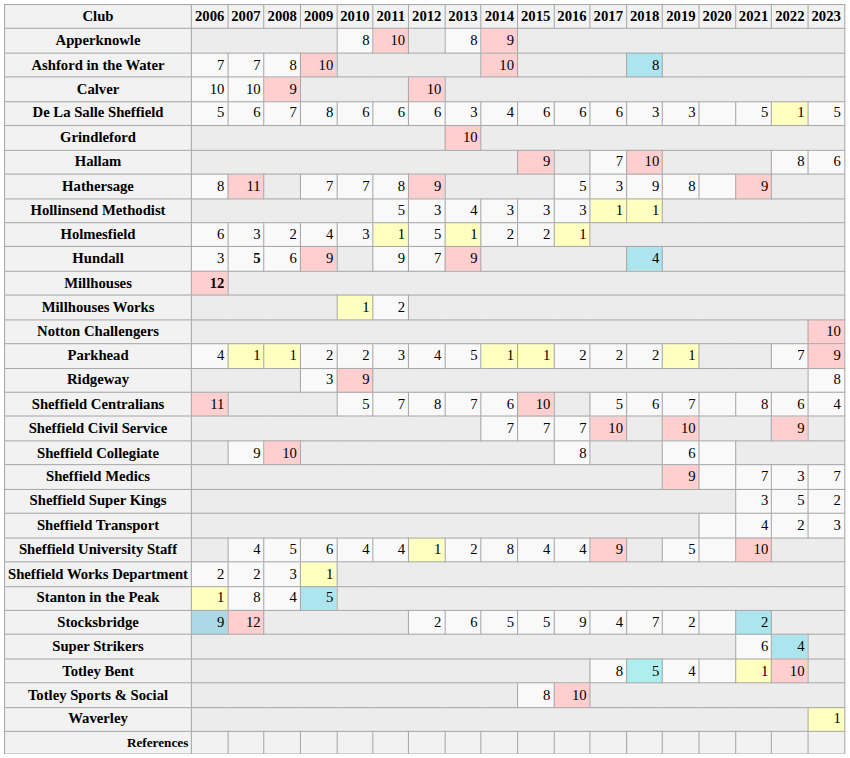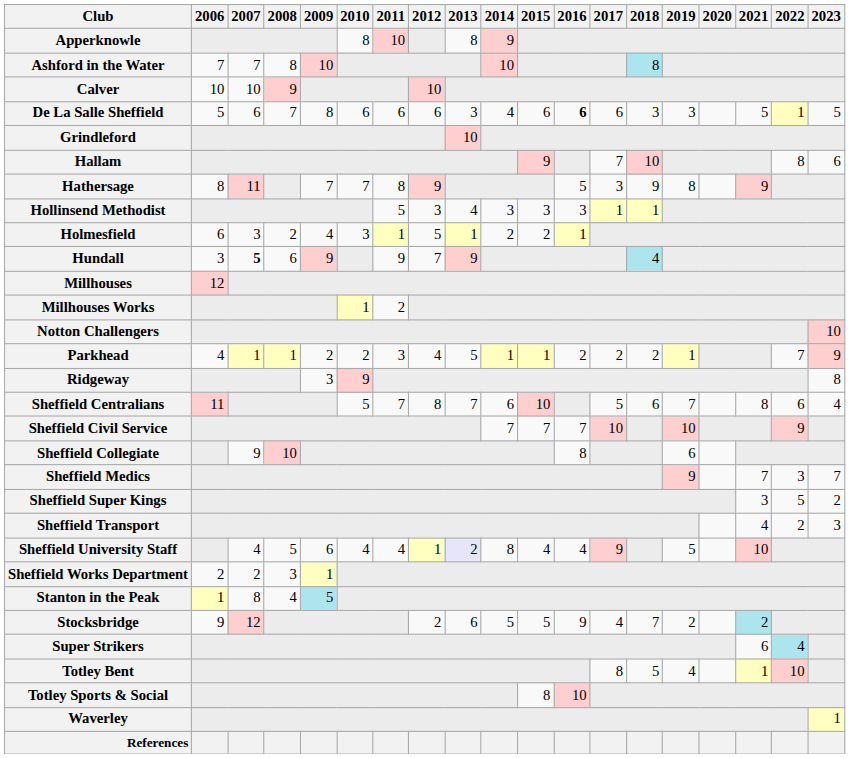 <table class="wikitable plainrowheaders" style="font-size:85%; text-align: right;">
 <tr>
 <th scope="col">Club</th>
 <th scope="col">2006</th>
 <th scope="col">2007</th>
 <th scope="col">2008</th>
 <th scope="col">2009</th>
 <th scope="col">2010</th>
 <th scope="col">2011</th>
 <th scope="col">2012</th>
 <th scope="col">2013</th>
 <th scope="col">2014</th>
 <th scope="col">2015</th>
 <th scope="col">2016</th>
 <th scope="col">2017</th>
 <th scope="col">2018</th>
 <th scope="col">2019</th>
 <th scope="col">2020</th>
 <th scope="col">2021</th>
 <th scope="col">2022</th>
 <th scope="col">2023</th>
 </tr>
 <tr>
 <th scope="row">Apperknowle</th>
 <td bgcolor="#ececec" colspan="4"></td>
 <td>8</td>
 <td bgcolor="#ffcfcf">10</td>
 <td bgcolor="#ececec"></td>
 <td>8</td>
 <td bgcolor="#ffcfcf" sty>9</td>
 <td bgcolor="#ececec" colspan="9"></td>
 </tr>
 <tr>
 <th scope="row">Ashford in the Water</th>
 <td>7</td>
 <td>7</td>
 <td>8</td>
 <td bgcolor="#ffcfcf">10</td>
 <td bgcolor="#ececec" colspan="4"></td>
 <td bgcolor="#ffcfcf">10</td>
 <td bgcolor="#ececec" colspan="3"></td>
 <td bgcolor="#ace5ee">8</td>
 <td bgcolor="#ececec" colspan="5"></td>
 </tr>
 <tr>
 <th scope="row">Calver</th>
 <td>10</td>
 <td>10</td>
 <td bgcolor="#ffcfcf">9</td>
 <td bgcolor="#ececec" colspan="3"></td>
 <td bgcolor="#ffcfcf">10</td>
 <td bgcolor="#ececec" colspan="11"></td>
 </tr>
 <tr>
 <th scope="row">De La Salle Sheffield</th>
 <td>5</td>
 <td>6</td>
 <td>7</td>
 <td>8</td>
 <td>6</td>
 <td>6</td>
 <td>6</td>
 <td>3</td>
 <td>4</td>
 <td>6</td>
-<td>6</td>
+<td><strong>6</strong></td>
 <td>6</td>
 <td>3</td>
 <td>3</td>
 <td></td>
 <td>5</td>
 <td bgcolor="#ffffbf">1</td>
 <td>5</td>
 </tr>
 <tr>
 <th scope="row">Grindleford</th>
 <td bgcolor="#ececec" colspan="7"></td>
 <td bgcolor="#ffcfcf">10</td>
 <td bgcolor="#ececec" colspan="10"></td>
 </tr>
 <tr>
 <th scope="row">Hallam</th>
 <td bgcolor="#ececec" colspan="9"></td>
 <td bgcolor="#ffcfcf">9</td>
 <td bgcolor="#ececec"></td>
 <td>7</td>
 <td bgcolor="#ffcfcf">10</td>
 <td bgcolor="#ececec" colspan="3"></td>
 <td>8</td>
 <td>6</td>
 </tr>
 <tr>
 <th scope="row">Hathersage</th>
 <td style="text-align: right;">8</td>
 <td bgcolor="#ffcfcf">11</td>
 <td bgcolor="#ececec"></td>
 <td>7</td>
 <td>7</td>
 <td>8</td>
 <td bgcolor="#ffcfcf">9</td>
 <td bgcolor="#ececec" colspan="3"></td>
 <td>5</td>
 <td>3</td>
 <td>9</td>
 <td>8</td>
 <td></td>
 <td bgcolor="#ffcfcf">9</td>
 <td bgcolor="#ececec" colspan="2"></td>
 </tr>
 <tr>
 <th scope="row">Hollinsend Methodist</th>
 <td bgcolor="#ececec" colspan="5"></td>
 <td>5</td>
 <td>3</td>
 <td>4</td>
 <td>3</td>
 <td>3</td>
 <td>3</td>
 <td bgcolor="#ffffbf">1</td>
 <td bgcolor="#ffffbf">1</td>
 <td bgcolor="#ececec" colspan="5"></td>
 </tr>
 <tr>
 <th scope="row">Holmesfield </th>
 <td>6</td>
 <td>3</td>
 <td>2</td>
 <td>4</td>
 <td>3</td>
 <td bgcolor="#ffffbf">1</td>
 <td>5</td>
 <td bgcolor="#ffffbf">1</td>
 <td>2</td>
 <td>2</td>
 <td bgcolor="#ffffbf">1</td>
 <td bgcolor="#ececec" colspan="7"></td>
 </tr>
 <tr>
 <th scope="row">Hundall</th>
 <td>3</td>
 <td><strong>5</strong></td>
 <td>6</td>
 <td bgcolor="#ffcfcf">9</td>
 <td bgcolor="#ececec"></td>
 <td>9</td>
 <td>7</td>
 <td bgcolor="#ffcfcf">9</td>
 <td bgcolor="#ececec" colspan="4"></td>
 <td bgcolor="#ace5ee">4</td>
 <td bgcolor="#ececec" colspan="5"></td>
 </tr>
 <tr>
 <th scope="row">Millhouses </th>
-<td bgcolor="#ffcfcf"><strong>12</strong></td>
+<td bgcolor="#ffcfcf">12</td>
 <td bgcolor="#ececec" colspan="17"></td>
 </tr>
 <tr>
 <th scope="row">Millhouses Works </th>
 <td bgcolor="#ececec" colspan="4"></td>
 <td bgcolor="#ffffbf">1</td>
 <td>2</td>
 <td bgcolor="#ececec" colspan="13"></td>
 </tr>
 <tr>
 <th scope="row">Notton Challengers</th>
 <td bgcolor="#ececec" colspan="17"></td>
 <td bgcolor="#ffcfcf">10</td>
 </tr>
 <tr>
 <th scope="row">Parkhead </th>
 <td>4</td>
 <td bgcolor="#ffffbf">1</td>
 <td bgcolor="#ffffbf">1</td>
 <td>2</td>
 <td>2</td>
 <td>3</td>
 <td>4</td>
 <td>5</td>
 <td bgcolor="#ffffbf">1</td>
 <td bgcolor="#ffffbf">1</td>
 <td>2</td>
 <td>2</td>
 <td>2</td>
 <td bgcolor="#ffffbf">1</td>
 <td bgcolor="#ececec" colspan="2"></td>
 <td>7</td>
 <td bgcolor="#ffcfcf">9</td>
 </tr>
 <tr>
 <th scope="row">Ridgeway</th>
 <td bgcolor="#ececec" colspan="3"></td>
 <td>3</td>
 <td bgcolor="#ffcfcf">9</td>
 <td bgcolor="#ececec" colspan="12"></td>
 <td>8</td>
 </tr>
 <tr>
 <th scope="row">Sheffield Centralians</th>
 <td bgcolor="#ffcfcf">11</td>
 <td bgcolor="#ececec" colspan="3"></td>
 <td>5</td>
 <td>7</td>
 <td>8</td>
 <td>7</td>
 <td>6</td>
 <td bgcolor="#ffcfcf">10</td>
 <td bgcolor="#ececec"></td>
 <td>5</td>
 <td>6</td>
 <td>7</td>
 <td></td>
 <td>8</td>
 <td>6</td>
 <td>4</td>
 </tr>
 <tr>
 <th scope="row">Sheffield Civil Service</th>
 <td bgcolor="#ececec" colspan="8"></td>
 <td>7</td>
 <td>7</td>
 <td>7</td>
 <td bgcolor="#ffcfcf">10</td>
 <td bgcolor="#ececec"></td>
 <td bgcolor="#ffcfcf">10</td>
 <td bgcolor="#ececec" colspan="2"></td>
 <td bgcolor="#ffcfcf">9</td>
 <td bgcolor="#ececec" colspan="1"></td>
 </tr>
 <tr>
 <th scope="row">Sheffield Collegiate</th>
 <td bgcolor="#ececec"></td>
 <td>9</td>
 <td bgcolor="#ffcfcf">10</td>
 <td bgcolor="#ececec" colspan="7"></td>
 <td>8</td>
 <td bgcolor="#ececec" colspan="2"></td>
 <td>6</td>
 <td></td>
 <td bgcolor="#ececec" colspan="3"></td>
 </tr>
 <tr>
 <th scope="row">Sheffield Medics</th>
 <td bgcolor="#ececec" colspan="13"></td>
 <td bgcolor="#ffcfcf">9</td>
 <td></td>
 <td>7</td>
 <td>3</td>
 <td>7</td>
 </tr>
 <tr>
 <th scope="row">Sheffield Super Kings</th>
 <td bgcolor="#ececec" colspan="15"></td>
 <td>3</td>
 <td>5</td>
 <td>2</td>
 </tr>
 <tr>
 <th scope="row">Sheffield Transport</th>
 <td bgcolor="#ececec" colspan="14"></td>
 <td></td>
 <td>4</td>
 <td>2</td>
 <td>3</td>
 </tr>
 <tr>
 <th scope="row">Sheffield University Staff</th>
 <td bgcolor="#ececec"></td>
 <td>4</td>
 <td>5</td>
 <td>6</td>
 <td>4</td>
 <td>4</td>
 <td bgcolor="#ffffbf">1</td>
-<td>2</td>
+<td style="background: lavender;">2</td>
 <td>8</td>
 <td>4</td>
 <td>4</td>
 <td bgcolor="#ffcfcf">9</td>
 <td bgcolor="#ececec"></td>
 <td>5</td>
 <td></td>
 <td bgcolor="#ffcfcf">10</td>
 <td bgcolor="#ececec" colspan="2"></td>
 </tr>
 <tr>
 <th scope="row">Sheffield Works Department </th>
 <td>2</td>
 <td>2</td>
 <td>3</td>
 <td bgcolor="#ffffbf">1</td>
 <td bgcolor="#ececec" colspan="14"></td>
 </tr>
 <tr>
 <th scope="row">Stanton in the Peak</th>
 <td bgcolor="#ffffbf">1</td>
 <td>8</td>
 <td>4</td>
 <td bgcolor="#ace5ee">5</td>
 <td bgcolor="#ececec" colspan="14"></td>
 </tr>
 <tr>
 <th scope="row">Stocksbridge</th>
-<td style="background: lightblue;">9</td>
+<td>9</td>
 <td bgcolor="#ffcfcf">12</td>
 <td bgcolor="#ececec" colspan="4"></td>
 <td>2</td>
 <td>6</td>
 <td>5</td>
 <td>5</td>
 <td>9</td>
 <td>4</td>
 <td>7</td>
 <td>2</td>
 <td></td>
 <td bgcolor="#ace5ee">2</td>
 <td bgcolor="#ececec" colspan="2"></td>
 </tr>
 <tr>
 <th scope="row">Super Strikers</th>
 <td bgcolor="#ececec" colspan="15"></td>
 <td>6</td>
 <td bgcolor="#ace5ee">4</td>
 <td bgcolor="#ececec" colspan="1"></td>
 </tr>
 <tr>
 <th scope="row">Totley Bent </th>
 <td bgcolor="#ececec" colspan="11"></td>
 <td>8</td>
-<td style="background: paleturquoise;">5</td>
+<td>5</td>
 <td>4</td>
 <td></td>
 <td bgcolor="#ffffbf">1</td>
 <td bgcolor="#ffcfcf">10</td>
 <td bgcolor="#ececec" colspan="1"></td>
 </tr>
 <tr>
 <th scope="row">Totley Sports & Social </th>
 <td bgcolor="#ececec" colspan="9"></td>
 <td>8</td>
 <td bgcolor="#ffcfcf">10</td>
 <td bgcolor="#ececec" colspan="7"></td>
 </tr>
 <tr>
 <th scope="row">Waverley</th>
 <td bgcolor="#ececec" colspan="17"></td>
 <td bgcolor="#ffffbf">1</td>
 </tr>
 <tr style="font-size:90%; text-align:center">
 <th scope="row" style="text-align: right">References</th>
 <th scope="col"></th>
 <th scope="col"></th>
 <th scope="col"></th>
 <th scope="col"></th>
 <th scope="col"></th>
 <th scope="col"></th>
 <th scope="col"></th>
 <th scope="col"></th>
 <th scope="col"></th>
 <th scope="col"></th>
 <th scope="col"></th>
 <th scope="col"></th>
 <th scope="col"></th>
 <th scope="col"></th>
 <th scope="col"></th>
 <th scope="col"></th>
 <th scope="col"></th>
 <th scope="col"></th>
 </tr>
 </table>
